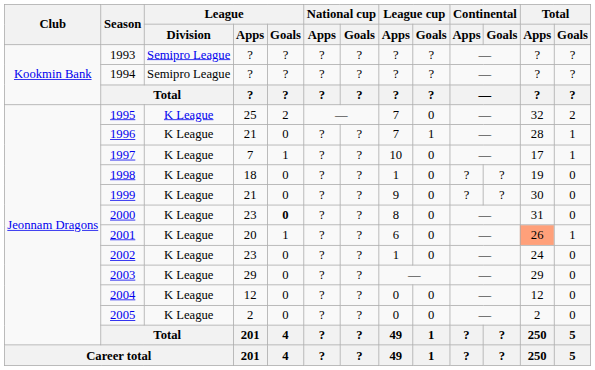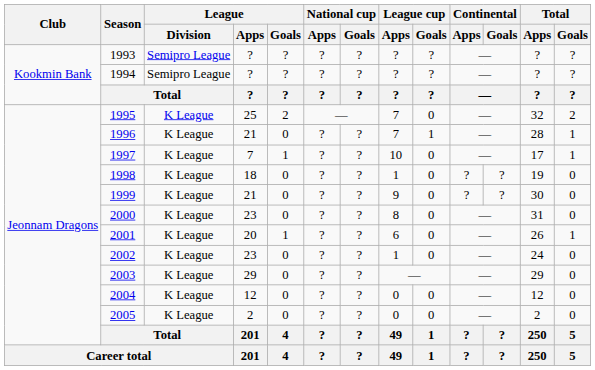 <table class="wikitable" style="text-align:center">
 <tr>
 <th rowspan=2>Club</th>
 <th rowspan=2>Season</th>
 <th colspan=3>League</th>
 <th colspan=2>National cup</th>
 <th colspan=2>League cup</th>
 <th colspan=2>Continental</th>
 <th colspan=2>Total</th>
 </tr>
 <tr>
 <th>Division</th>
 <th>Apps</th>
 <th>Goals</th>
 <th>Apps</th>
 <th>Goals</th>
 <th>Apps</th>
 <th>Goals</th>
 <th>Apps</th>
 <th>Goals</th>
 <th>Apps</th>
 <th>Goals</th>
 </tr>
 <tr>
 <td rowspan=3><a href='#'>Kookmin Bank</a></td>
 <td>1993</td>
 <td><a href='#'>Semipro League</a></td>
 <td>?</td>
 <td>?</td>
 <td>?</td>
 <td>?</td>
 <td>?</td>
 <td>?</td>
 <td colspan=2>—</td>
 <td>?</td>
 <td>?</td>
 </tr>
 <tr>
 <td>1994</td>
 <td>Semipro League</td>
 <td>?</td>
 <td>?</td>
 <td>?</td>
 <td>?</td>
 <td>?</td>
 <td>?</td>
 <td colspan=2>—</td>
 <td>?</td>
 <td>?</td>
 </tr>
 <tr>
 <th colspan=2>Total</th>
 <th>?</th>
 <th>?</th>
 <th>?</th>
 <th>?</th>
 <th>?</th>
 <th>?</th>
 <th colspan=2>—</th>
 <th>?</th>
 <th>?</th>
 </tr>
 <tr>
 <td rowspan=12><a href='#'>Jeonnam Dragons</a></td>
 <td><a href='#'>1995</a></td>
 <td><a href='#'>K League</a></td>
 <td>25</td>
 <td>2</td>
 <td colspan=2>—</td>
 <td>7</td>
 <td>0</td>
 <td colspan=2>—</td>
 <td>32</td>
 <td>2</td>
 </tr>
 <tr>
 <td><a href='#'>1996</a></td>
 <td>K League</td>
 <td>21</td>
 <td>0</td>
 <td>?</td>
 <td>?</td>
 <td>7</td>
 <td>1</td>
 <td colspan=2>—</td>
 <td>28</td>
 <td>1</td>
 </tr>
 <tr>
 <td><a href='#'>1997</a></td>
 <td>K League</td>
 <td>7</td>
 <td>1</td>
 <td>?</td>
 <td>?</td>
 <td>10</td>
 <td>0</td>
 <td colspan=2>—</td>
 <td>17</td>
 <td>1</td>
 </tr>
 <tr>
 <td><a href='#'>1998</a></td>
 <td>K League</td>
 <td>18</td>
 <td>0</td>
 <td>?</td>
 <td>?</td>
 <td>1</td>
 <td>0</td>
 <td>?</td>
 <td>?</td>
 <td>19</td>
 <td>0</td>
 </tr>
 <tr>
 <td><a href='#'>1999</a></td>
 <td>K League</td>
 <td>21</td>
 <td>0</td>
 <td>?</td>
 <td>?</td>
 <td>9</td>
 <td>0</td>
 <td>?</td>
 <td>?</td>
 <td>30</td>
 <td>0</td>
 </tr>
 <tr>
 <td><a href='#'>2000</a></td>
 <td>K League</td>
 <td>23</td>
-<td><strong>0</strong></td>
+<td>0</td>
 <td>?</td>
 <td>?</td>
 <td>8</td>
 <td>0</td>
 <td colspan=2>—</td>
 <td>31</td>
 <td>0</td>
 </tr>
 <tr>
 <td><a href='#'>2001</a></td>
 <td>K League</td>
 <td>20</td>
 <td>1</td>
 <td>?</td>
 <td>?</td>
 <td>6</td>
 <td>0</td>
 <td colspan=2>—</td>
-<td style="background: lightsalmon;">26</td>
+<td>26</td>
 <td>1</td>
 </tr>
 <tr>
 <td><a href='#'>2002</a></td>
 <td>K League</td>
 <td>23</td>
 <td>0</td>
 <td>?</td>
 <td>?</td>
 <td>1</td>
 <td>0</td>
 <td colspan=2>—</td>
 <td>24</td>
 <td>0</td>
 </tr>
 <tr>
 <td><a href='#'>2003</a></td>
 <td>K League</td>
 <td>29</td>
 <td>0</td>
 <td>?</td>
 <td>?</td>
 <td colspan=2>—</td>
 <td colspan=2>—</td>
 <td>29</td>
 <td>0</td>
 </tr>
 <tr>
 <td><a href='#'>2004</a></td>
 <td>K League</td>
 <td>12</td>
 <td>0</td>
 <td>?</td>
 <td>?</td>
 <td>0</td>
 <td>0</td>
 <td colspan=2>—</td>
 <td>12</td>
 <td>0</td>
 </tr>
 <tr>
 <td><a href='#'>2005</a></td>
 <td>K League</td>
 <td>2</td>
 <td>0</td>
 <td>?</td>
 <td>?</td>
 <td>0</td>
 <td>0</td>
 <td colspan=2>—</td>
 <td>2</td>
 <td>0</td>
 </tr>
 <tr>
 <th colspan=2>Total</th>
 <th>201</th>
 <th>4</th>
 <th>?</th>
 <th>?</th>
 <th>49</th>
 <th>1</th>
 <th>?</th>
 <th>?</th>
 <th>250</th>
 <th>5</th>
 </tr>
 <tr>
 <th colspan=3>Career total</th>
 <th>201</th>
 <th>4</th>
 <th>?</th>
 <th>?</th>
 <th>49</th>
 <th>1</th>
 <th>?</th>
 <th>?</th>
 <th>250</th>
 <th>5</th>
 </tr>
 </table>
